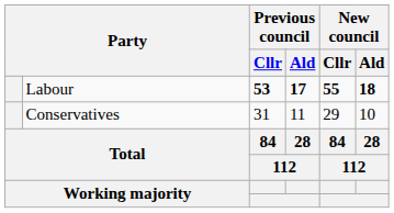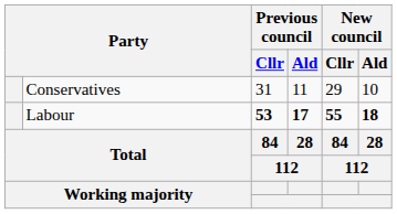 <table class="wikitable">
 <tr>
 <th colspan="2" rowspan="2" style="width: 230px">Party</th>
 <th valign=top colspan="2" style="width: 30px">Previous council</th>
 <th valign=top colspan="2" style="width: 30px">New council</th>
 </tr>
 <tr>
 <th><a href='#'>Cllr</a></th>
 <th><a href='#'>Ald</a></th>
 <th>Cllr</th>
 <th>Ald</th>
 </tr>
 <tr>
 <th style="background-color: "></th>
+<td>Conservatives</td>
+<td>31</td>
+<td>11</td>
+<td>29</td>
+<td>10</td>
+</tr>
+<tr>
+<th style="background-color: "></th>
 <td>Labour</td>
 <td><strong>53</strong></td>
 <td><strong>17</strong></td>
 <td><strong>55</strong></td>
 <td><strong>18</strong></td>
-</tr>
-<tr>
-<th style="background-color: "></th>
-<td>Conservatives</td>
-<td>31</td>
-<td>11</td>
-<td>29</td>
-<td>10</td>
 </tr>
 <tr>
 <th colspan="2" rowspan="2">Total</th>
 <th style="text-align: center">84</th>
 <th style="text-align: center">28</th>
 <th style="text-align: center">84</th>
 <th style="text-align: center">28</th>
 </tr>
 <tr>
 <th colspan="2" style="text-align: center">112</th>
 <th colspan="2" style="text-align: center">112</th>
 </tr>
 <tr>
 <th colspan="2" rowspan="2">Working majority</th>
 <th></th>
 <th></th>
 <th></th>
 <th></th>
 </tr>
 <tr>
 <th colspan="2"></th>
 <th colspan="2"></th>
 </tr>
 </table>
